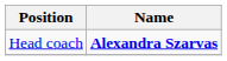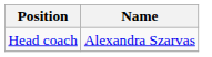 <table class="wikitable">
 <tr>
 <th>Position</th>
 <th>Name</th>
 </tr>
 <tr>
 <td><a href='#'>Head coach</a></td>
-<td><strong><a href='#'>Alexandra Szarvas</a></strong></td>
+<td><a href='#'>Alexandra Szarvas</a></td>
 </tr>
 <tr>
 </tr>
 </table>
